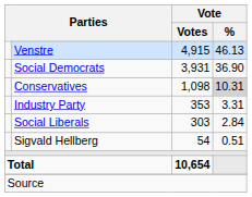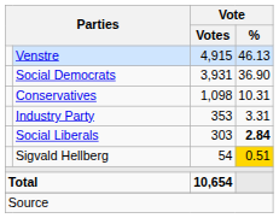 <table class="wikitable" style="text-align:right;">
 <tr>
 <th style="text-align:centre;" rowspan="2" colspan="2" width="225">Parties</th>
 <th colspan="3">Vote</th>
 </tr>
 <tr>
 <th width="15">Votes</th>
 <th width="15">%</th>
 </tr>
 <tr>
 <td width="2" style="color:inherit;background:"></td>
 <td bgcolor=#cfe5fe  align="left"><a href='#'>Venstre</a></td>
 <td bgcolor=#cfe5fe>4,915</td>
 <td bgcolor=#cfe5fe>46.13</td>
 </tr>
 <tr>
 <td width="2" style="color:inherit;background:"></td>
 <td align="left"><a href='#'>Social Democrats</a></td>
 <td>3,931</td>
 <td>36.90</td>
 </tr>
 <tr>
 <td width="2" style="color:inherit;background:"></td>
 <td align="left"><a href='#'>Conservatives</a></td>
 <td>1,098</td>
-<td style="background: lightgrey;">10.31</td>
+<td>10.31</td>
 </tr>
 <tr>
 <td width="2" style="color:inherit;background:"></td>
 <td align="left"><a href='#'>Industry Party</a></td>
 <td>353</td>
 <td>3.31</td>
 </tr>
 <tr>
 <td width="2" style="color:inherit;background:"></td>
 <td align="left"><a href='#'>Social Liberals</a></td>
 <td>303</td>
-<td>2.84</td>
+<td><strong>2.84</strong></td>
 </tr>
 <tr>
 <td width="2" style="color:inherit;background:"></td>
 <td align="left">Sigvald Hellberg</td>
 <td>54</td>
-<td>0.51</td>
+<td style="background: gold;">0.51</td>
 </tr>
 <tr>
 <td colspan="7" bgcolor="#E9E9E9"></td>
 </tr>
 <tr>
 <td align="left" colspan="2"><strong>Total</strong></td>
 <td><strong>10,654</strong></td>
 <td bgcolor="#E9E9E9" colspan="2"></td>
 </tr>
 <tr>
 </tr>
 <tr>
 <td align="left" colspan="6">Source</td>
 </tr>
 </table>
